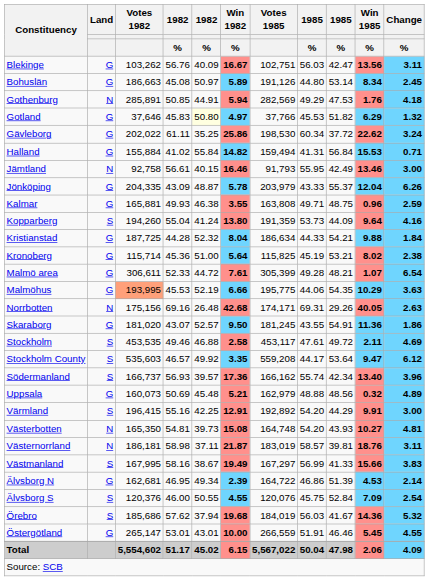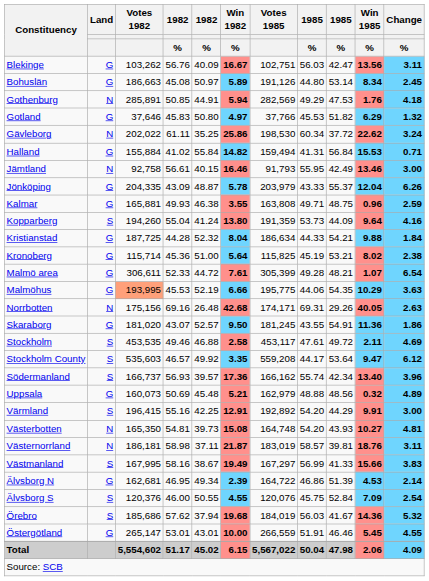 <table class="wikitable sortable" style="text-align:right; font-size:95%; line-height:20px;">
 <tr>
 <th rowspan="3">Constituency</th>
 <th>Land</th>
 <th width="30px" class="unsortable">Votes 1982</th>
 <th> 1982</th>
 <th> 1982</th>
 <th width="30px" class="unsortable">Win 1982</th>
 <th width="30px" class="unsortable">Votes 1985</th>
 <th> 1985</th>
 <th> 1985</th>
 <th width="30px" class="unsortable">Win 1985</th>
 <th width="30px" class="unsortable">Change</th>
 </tr>
 <tr>
 <th></th>
 <th></th>
 <th style="background:"></th>
 <th style="background:"></th>
 <th></th>
 <th></th>
 <th style="background:"></th>
 <th style="background:"></th>
 <th></th>
 <th></th>
 </tr>
 <tr>
 <th data-sort-type="number"></th>
 <th data-sort-type="number"></th>
 <th data-sort-type="number">%</th>
 <th data-sort-type="number">%</th>
 <th data-sort-type="number">%</th>
 <th data-sort-type="number"></th>
 <th data-sort-type="number">%</th>
 <th data-sort-type="number">%</th>
 <th data-sort-type="number">%</th>
 <th data-sort-type="number">%</th>
 </tr>
 <tr>
 <td align="left"><a href='#'>Blekinge</a></td>
 <td><a href='#'>G</a></td>
 <td>103,262</td>
 <td>56.76</td>
 <td>40.09</td>
 <td bgcolor=#ff908c><strong>16.67</strong></td>
 <td>102,751</td>
 <td>56.03</td>
 <td>42.47</td>
 <td bgcolor=#ff908c><strong>13.56</strong></td>
 <td bgcolor=#6fd5fe><strong>3.11</strong></td>
 </tr>
 <tr>
 <td align="left"><a href='#'>Bohuslän</a></td>
 <td><a href='#'>G</a></td>
 <td>186,663</td>
 <td>45.08</td>
 <td>50.97</td>
 <td bgcolor=#6fd5fe><strong>5.89</strong></td>
 <td>191,126</td>
 <td>44.80</td>
 <td>53.14</td>
 <td bgcolor=#6fd5fe><strong>8.34</strong></td>
 <td bgcolor=#6fd5fe><strong>2.45</strong></td>
 </tr>
 <tr>
 <td align="left"><a href='#'>Gothenburg</a></td>
 <td><a href='#'>N</a></td>
 <td>285,891</td>
 <td>50.85</td>
 <td>44.91</td>
 <td bgcolor=#ff908c><strong>5.94</strong></td>
 <td>282,569</td>
 <td>49.29</td>
 <td>47.53</td>
 <td bgcolor=#ff908c><strong>1.76</strong></td>
 <td bgcolor=#6fd5fe><strong>4.18</strong></td>
 </tr>
 <tr>
 <td align="left"><a href='#'>Gotland</a></td>
 <td><a href='#'>G</a></td>
 <td>37,646</td>
 <td>45.83</td>
-<td style="background: lightyellow;">50.80</td>
+<td>50.80</td>
 <td bgcolor=#6fd5fe><strong>4.97</strong></td>
 <td>37,766</td>
 <td>45.53</td>
 <td>51.82</td>
 <td bgcolor=#6fd5fe><strong>6.29</strong></td>
 <td bgcolor=#6fd5fe><strong>1.32</strong></td>
 </tr>
 <tr>
 <td align="left"><a href='#'>Gävleborg</a></td>
-<td><a href='#'>G</a></td>
+<td><a href='#'>N</a></td>
 <td>202,022</td>
 <td>61.11</td>
 <td>35.25</td>
 <td bgcolor=#ff908c><strong>25.86</strong></td>
 <td>198,530</td>
 <td>60.34</td>
 <td>37.72</td>
 <td bgcolor=#ff908c><strong>22.62</strong></td>
 <td bgcolor=#6fd5fe><strong>3.24</strong></td>
 </tr>
 <tr>
 <td align="left"><a href='#'>Halland</a></td>
 <td><a href='#'>G</a></td>
 <td>155,884</td>
 <td>41.02</td>
 <td>55.84</td>
 <td bgcolor=#6fd5fe><strong>14.82</strong></td>
 <td>159,494</td>
 <td>41.31</td>
 <td>56.84</td>
 <td bgcolor=#6fd5fe><strong>15.53</strong></td>
 <td bgcolor=#6fd5fe><strong>0.71</strong></td>
 </tr>
 <tr>
 <td align="left"><a href='#'>Jämtland</a></td>
 <td><a href='#'>N</a></td>
 <td>92,758</td>
 <td>56.61</td>
 <td>40.15</td>
 <td bgcolor=#ff908c><strong>16.46</strong></td>
 <td>91,793</td>
 <td>55.95</td>
 <td>42.49</td>
 <td bgcolor=#ff908c><strong>13.46</strong></td>
 <td bgcolor=#6fd5fe><strong>3.00</strong></td>
 </tr>
 <tr>
 <td align="left"><a href='#'>Jönköping</a></td>
 <td><a href='#'>G</a></td>
 <td>204,335</td>
 <td>43.09</td>
 <td>48.87</td>
 <td bgcolor=#6fd5fe><strong>5.78</strong></td>
 <td>203,979</td>
 <td>43.33</td>
 <td>55.37</td>
 <td bgcolor=#6fd5fe><strong>12.04</strong></td>
 <td bgcolor=#6fd5fe><strong>6.26</strong></td>
 </tr>
 <tr>
 <td align="left"><a href='#'>Kalmar</a></td>
 <td><a href='#'>G</a></td>
 <td>165,881</td>
 <td>49.93</td>
 <td>46.38</td>
 <td bgcolor=#ff908c><strong>3.55</strong></td>
 <td>163,808</td>
 <td>49.71</td>
 <td>48.75</td>
 <td bgcolor=#ff908c><strong>0.96</strong></td>
 <td bgcolor=#6fd5fe><strong>2.59</strong></td>
 </tr>
 <tr>
 <td align="left"><a href='#'>Kopparberg</a></td>
 <td><a href='#'>S</a></td>
 <td>194,260</td>
 <td>55.04</td>
 <td>41.24</td>
 <td bgcolor=#ff908c><strong>13.80</strong></td>
 <td>191,359</td>
 <td>53.73</td>
 <td>44.09</td>
 <td bgcolor=#ff908c><strong>9.64</strong></td>
 <td bgcolor=#6fd5fe><strong>4.16</strong></td>
 </tr>
 <tr>
 <td align="left"><a href='#'>Kristianstad</a></td>
 <td><a href='#'>G</a></td>
 <td>187,725</td>
 <td>44.28</td>
 <td>52.32</td>
 <td bgcolor=#6fd5fe><strong>8.04</strong></td>
 <td>186,634</td>
 <td>44.33</td>
 <td>54.21</td>
 <td bgcolor=#6fd5fe><strong>9.88</strong></td>
 <td bgcolor=#6fd5fe><strong>1.84</strong></td>
 </tr>
 <tr>
 <td align="left"><a href='#'>Kronoberg</a></td>
 <td><a href='#'>G</a></td>
 <td>115,714</td>
 <td>45.36</td>
 <td>51.00</td>
 <td bgcolor=#6fd5fe><strong>5.64</strong></td>
 <td>115,825</td>
 <td>45.19</td>
 <td>53.21</td>
 <td bgcolor=#ff908c><strong>8.02</strong></td>
 <td bgcolor=#6fd5fe><strong>2.38</strong></td>
 </tr>
 <tr>
 <td align="left"><a href='#'>Malmö area</a></td>
 <td><a href='#'>G</a></td>
 <td>306,611</td>
 <td>52.33</td>
 <td>44.72</td>
 <td bgcolor=#ff908c><strong>7.61</strong></td>
 <td>305,399</td>
 <td>49.28</td>
 <td>48.21</td>
 <td bgcolor=#ff908c><strong>1.07</strong></td>
 <td bgcolor=#6fd5fe><strong>6.54</strong></td>
 </tr>
 <tr>
 <td align="left"><a href='#'>Malmöhus</a></td>
 <td><a href='#'>G</a></td>
 <td style="background: lightsalmon;">193,995</td>
 <td>45.53</td>
 <td>52.19</td>
 <td bgcolor=#6fd5fe><strong>6.66</strong></td>
 <td>195,775</td>
 <td>44.06</td>
 <td>54.35</td>
 <td bgcolor=#6fd5fe><strong>10.29</strong></td>
 <td bgcolor=#6fd5fe><strong>3.63</strong></td>
 </tr>
 <tr>
 <td align="left"><a href='#'>Norrbotten</a></td>
 <td><a href='#'>N</a></td>
 <td>175,156</td>
 <td>69.16</td>
 <td>26.48</td>
 <td bgcolor=#ff908c><strong>42.68</strong></td>
 <td>174,171</td>
 <td>69.31</td>
 <td>29.26</td>
 <td bgcolor=#ff908c><strong>40.05</strong></td>
 <td bgcolor=#6fd5fe><strong>2.63</strong></td>
 </tr>
 <tr>
 <td align="left"><a href='#'>Skaraborg</a></td>
 <td><a href='#'>G</a></td>
 <td>181,020</td>
 <td>43.07</td>
 <td>52.57</td>
 <td bgcolor=#6fd5fe><strong>9.50</strong></td>
 <td>181,245</td>
 <td>43.55</td>
 <td>54.91</td>
 <td bgcolor=#6fd5fe><strong>11.36</strong></td>
 <td bgcolor=#6fd5fe><strong>1.86</strong></td>
 </tr>
 <tr>
 <td align="left"><a href='#'>Stockholm</a></td>
 <td><a href='#'>S</a></td>
 <td>453,535</td>
 <td>49.46</td>
 <td>46.88</td>
 <td bgcolor=#ff908c><strong>2.58</strong></td>
 <td>453,117</td>
 <td>47.61</td>
 <td>49.72</td>
 <td bgcolor=#6fd5fe><strong>2.11</strong></td>
 <td bgcolor=#6fd5fe><strong>4.69</strong></td>
 </tr>
 <tr>
 <td align="left"><a href='#'>Stockholm County</a></td>
 <td><a href='#'>S</a></td>
 <td>535,603</td>
 <td>46.57</td>
 <td>49.92</td>
 <td bgcolor=#6fd5fe><strong>3.35</strong></td>
 <td>559,208</td>
 <td>44.17</td>
 <td>53.64</td>
 <td bgcolor=#6fd5fe><strong>9.47</strong></td>
 <td bgcolor=#6fd5fe><strong>6.12</strong></td>
 </tr>
 <tr>
 <td align="left"><a href='#'>Södermanland</a></td>
 <td><a href='#'>S</a></td>
 <td>166,737</td>
 <td>56.93</td>
 <td>39.57</td>
 <td bgcolor=#ff908c><strong>17.36</strong></td>
 <td>166,162</td>
 <td>55.74</td>
 <td>42.34</td>
 <td bgcolor=#ff908c><strong>13.40</strong></td>
 <td bgcolor=#6fd5fe><strong>3.96</strong></td>
 </tr>
 <tr>
 <td align="left"><a href='#'>Uppsala</a></td>
 <td><a href='#'>G</a></td>
 <td>160,073</td>
 <td>50.69</td>
 <td>45.48</td>
 <td bgcolor=#ff908c><strong>5.21</strong></td>
 <td>162,979</td>
 <td>48.88</td>
 <td>48.56</td>
 <td bgcolor=#ff908c><strong>0.32</strong></td>
 <td bgcolor=#6fd5fe><strong>4.89</strong></td>
 </tr>
 <tr>
 <td align="left"><a href='#'>Värmland</a></td>
 <td><a href='#'>S</a></td>
 <td>196,415</td>
 <td>55.16</td>
 <td>42.25</td>
 <td bgcolor=#ff908c><strong>12.91</strong></td>
 <td>192,892</td>
 <td>54.20</td>
 <td>44.29</td>
 <td bgcolor=#ff908c><strong>9.91</strong></td>
 <td bgcolor=#6fd5fe><strong>3.00</strong></td>
 </tr>
 <tr>
 <td align="left"><a href='#'>Västerbotten</a></td>
 <td><a href='#'>N</a></td>
 <td>165,350</td>
 <td>54.81</td>
 <td>39.73</td>
 <td bgcolor=#ff908c><strong>15.08</strong></td>
 <td>164,748</td>
 <td>54.20</td>
 <td>43.93</td>
 <td bgcolor=#ff908c><strong>10.27</strong></td>
 <td bgcolor=#6fd5fe><strong>4.81</strong></td>
 </tr>
 <tr>
 <td align="left"><a href='#'>Västernorrland</a></td>
 <td><a href='#'>N</a></td>
 <td>186,181</td>
 <td>58.98</td>
 <td>37.11</td>
 <td bgcolor=#ff908c><strong>21.87</strong></td>
 <td>183,019</td>
 <td>58.57</td>
 <td>39.81</td>
 <td bgcolor=#ff908c><strong>18.76</strong></td>
 <td bgcolor=#6fd5fe><strong>3.11</strong></td>
 </tr>
 <tr>
 <td align="left"><a href='#'>Västmanland</a></td>
 <td><a href='#'>S</a></td>
 <td>167,995</td>
 <td>58.16</td>
 <td>38.67</td>
 <td bgcolor=#ff908c><strong>19.49</strong></td>
 <td>167,297</td>
 <td>56.99</td>
 <td>41.33</td>
 <td bgcolor=#ff908c><strong>15.66</strong></td>
 <td bgcolor=#6fd5fe><strong>3.83</strong></td>
 </tr>
 <tr>
 <td align="left"><a href='#'>Älvsborg N</a></td>
 <td><a href='#'>G</a></td>
 <td>162,681</td>
 <td>46.95</td>
 <td>49.34</td>
 <td bgcolor=#6fd5fe><strong>2.39</strong></td>
 <td>164,722</td>
 <td>46.86</td>
 <td>51.39</td>
 <td bgcolor=#6fd5fe><strong>4.53</strong></td>
 <td bgcolor=#6fd5fe><strong>2.14</strong></td>
 </tr>
 <tr>
 <td align="left"><a href='#'>Älvsborg S</a></td>
 <td><a href='#'>S</a></td>
 <td>120,376</td>
 <td>46.00</td>
 <td>50.55</td>
 <td bgcolor=#6fd5fe><strong>4.55</strong></td>
 <td>120,076</td>
 <td>45.75</td>
 <td>52.84</td>
 <td bgcolor=#6fd5fe><strong>7.09</strong></td>
 <td bgcolor=#6fd5fe><strong>2.54</strong></td>
 </tr>
 <tr>
 <td align="left"><a href='#'>Örebro</a></td>
 <td><a href='#'>S</a></td>
 <td>185,686</td>
 <td>57.62</td>
 <td>37.94</td>
 <td bgcolor=#ff908c><strong>19.68</strong></td>
 <td>184,019</td>
 <td>56.03</td>
 <td>41.67</td>
 <td bgcolor=#ff908c><strong>14.36</strong></td>
 <td bgcolor=#6fd5fe><strong>5.32</strong></td>
 </tr>
 <tr>
 <td align="left"><a href='#'>Östergötland</a></td>
 <td><a href='#'>G</a></td>
 <td>265,147</td>
 <td>53.01</td>
 <td>43.01</td>
 <td bgcolor=#ff908c><strong>10.00</strong></td>
 <td>266,559</td>
 <td>51.91</td>
 <td>46.46</td>
 <td bgcolor=#ff908c><strong>5.45</strong></td>
 <td bgcolor=#6fd5fe><strong>4.55</strong></td>
 </tr>
 <tr>
 </tr>
 <tr style="background:#CDCDCD;">
 <td align="left"><strong>Total</strong></td>
 <td></td>
 <td><strong>5,554,602</strong></td>
 <td><strong>51.17</strong></td>
 <td><strong>45.02</strong></td>
 <td bgcolor=#ff908c><strong>6.15</strong></td>
 <td><strong>5,567,022</strong></td>
 <td><strong>50.04</strong></td>
 <td><strong>47.98</strong></td>
 <td bgcolor=#ff908c><strong>2.06</strong></td>
 <td bgcolor=#6fd5fe><strong>4.09</strong></td>
 </tr>
 <tr>
 <td colspan="11" align="left">Source: <a href='#'>SCB</a></td>
 </tr>
 </table>
